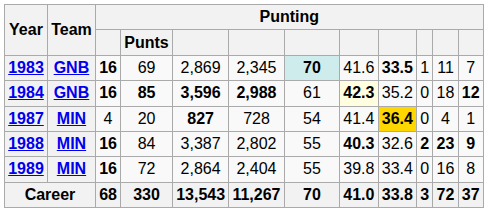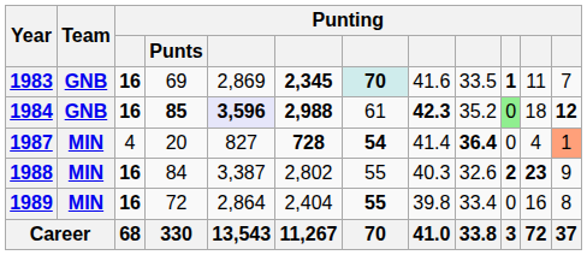 <table class=wikitable style="text-align:center;">
 <tr>
 <th rowspan="2">Year</th>
 <th rowspan="2">Team</th>
 <th colspan="10">Punting</th>
 </tr>
 <tr>
 <th></th>
 <th>Punts</th>
 <th></th>
 <th></th>
 <th></th>
 <th></th>
 <th></th>
 <th></th>
 <th></th>
 <th></th>
 </tr>
 <tr>
 <th><a href='#'>1983</a></th>
 <th><a href='#'>GNB</a></th>
 <td><strong>16</strong></td>
 <td>69</td>
 <td>2,869</td>
-<td>2,345</td>
+<td><strong>2,345</strong></td>
 <td style="background:#cfecec; width:3em;"><strong>70</strong></td>
 <td>41.6</td>
-<td><strong>33.5</strong></td>
-<td>1</td>
+<td>33.5</td>
+<td><strong>1</strong></td>
 <td>11</td>
 <td>7</td>
 </tr>
 <tr>
 <th><a href='#'>1984</a></th>
 <th><a href='#'>GNB</a></th>
 <td><strong>16</strong></td>
 <td><strong>85</strong></td>
-<td><strong>3,596</strong></td>
+<td style="background: lavender;"><strong>3,596</strong></td>
 <td><strong>2,988</strong></td>
 <td>61</td>
-<td style="background: lightyellow;"><strong>42.3</strong></td>
+<td><strong>42.3</strong></td>
 <td>35.2</td>
-<td>0</td>
+<td style="background: lightgreen;">0</td>
 <td>18</td>
 <td><strong>12</strong></td>
 </tr>
 <tr>
 <th><a href='#'>1987</a></th>
 <th><a href='#'>MIN</a></th>
 <td>4</td>
 <td>20</td>
-<td><strong>827</strong></td>
-<td>728</td>
-<td>54</td>
+<td>827</td>
+<td><strong>728</strong></td>
+<td><strong>54</strong></td>
 <td>41.4</td>
-<td style="background: gold;"><strong>36.4</strong></td>
+<td><strong>36.4</strong></td>
 <td>0</td>
 <td>4</td>
-<td>1</td>
+<td style="background: lightsalmon;">1</td>
 </tr>
 <tr>
 <th><a href='#'>1988</a></th>
 <th><a href='#'>MIN</a></th>
 <td><strong>16</strong></td>
 <td>84</td>
 <td>3,387</td>
 <td>2,802</td>
 <td>55</td>
-<td><strong>40.3</strong></td>
+<td>40.3</td>
 <td>32.6</td>
 <td><strong>2</strong></td>
 <td><strong>23</strong></td>
-<td><strong>9</strong></td>
+<td>9</td>
 </tr>
 <tr>
 <th><a href='#'>1989</a></th>
 <th><a href='#'>MIN</a></th>
 <td><strong>16</strong></td>
 <td>72</td>
 <td>2,864</td>
 <td>2,404</td>
-<td>55</td>
+<td><strong>55</strong></td>
 <td>39.8</td>
 <td>33.4</td>
 <td>0</td>
 <td>16</td>
 <td>8</td>
 </tr>
 <tr>
 <th colspan="2">Career</th>
 <th>68</th>
 <th>330</th>
 <th>13,543</th>
 <th>11,267</th>
 <th>70</th>
 <th>41.0</th>
 <th>33.8</th>
 <th>3</th>
 <th>72</th>
 <th>37</th>
 </tr>
 </table>
